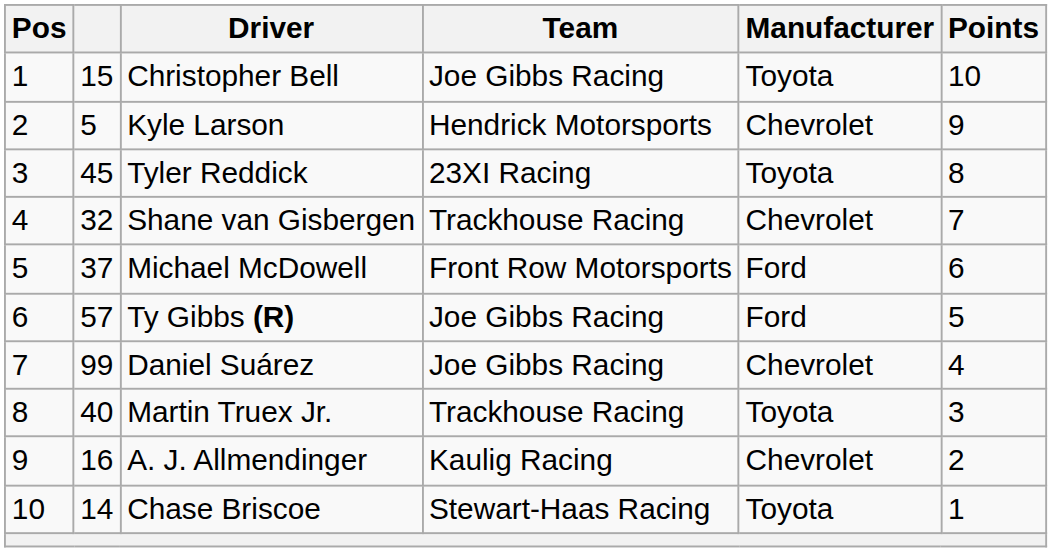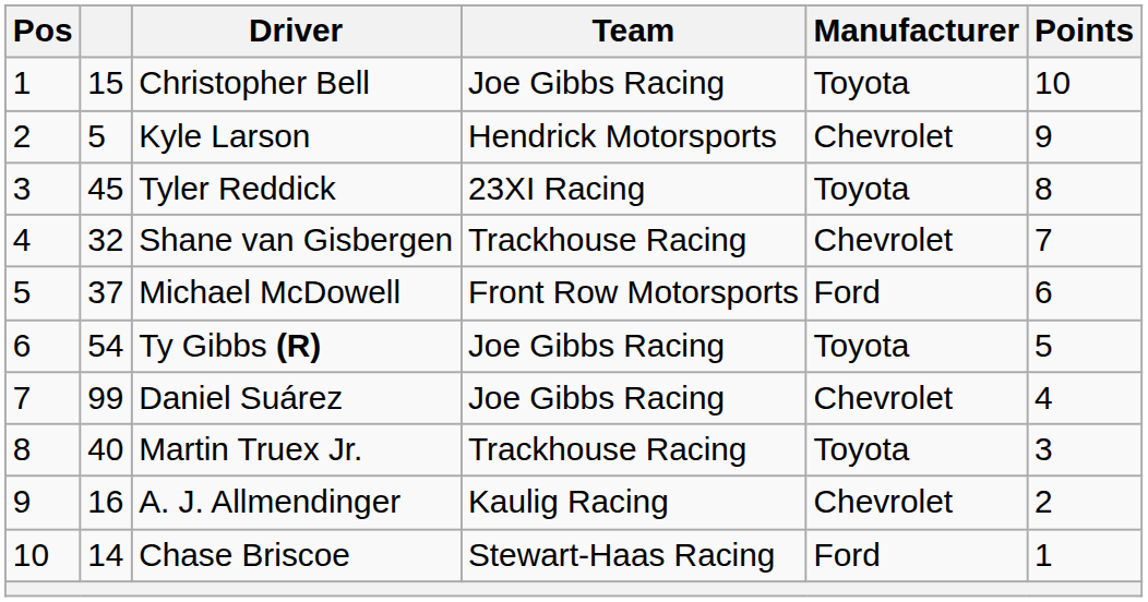 <table class="wikitable" style="font-size:98%">
 <tr>
 <th>Pos</th>
 <th></th>
 <th>Driver</th>
 <th>Team</th>
 <th>Manufacturer</th>
 <th>Points</th>
 </tr>
 <tr>
 <td>1</td>
 <td>15</td>
 <td>Christopher Bell</td>
 <td>Joe Gibbs Racing</td>
 <td>Toyota</td>
 <td>10</td>
 </tr>
 <tr>
 <td>2</td>
 <td>5</td>
 <td>Kyle Larson</td>
 <td>Hendrick Motorsports</td>
 <td>Chevrolet</td>
 <td>9</td>
 </tr>
 <tr>
 <td>3</td>
 <td>45</td>
 <td>Tyler Reddick</td>
 <td>23XI Racing</td>
 <td>Toyota</td>
 <td>8</td>
 </tr>
 <tr>
 <td>4</td>
 <td>32</td>
 <td>Shane van Gisbergen</td>
 <td>Trackhouse Racing</td>
 <td>Chevrolet</td>
 <td>7</td>
 </tr>
 <tr>
 <td>5</td>
 <td>37</td>
 <td>Michael McDowell</td>
 <td>Front Row Motorsports</td>
 <td>Ford</td>
 <td>6</td>
 </tr>
 <tr>
 <td>6</td>
-<td>57</td>
+<td>54</td>
 <td>Ty Gibbs <strong>(R)</strong></td>
 <td>Joe Gibbs Racing</td>
-<td>Ford</td>
+<td>Toyota</td>
 <td>5</td>
 </tr>
 <tr>
 <td>7</td>
 <td>99</td>
 <td>Daniel Suárez</td>
 <td>Joe Gibbs Racing</td>
 <td>Chevrolet</td>
 <td>4</td>
 </tr>
 <tr>
 <td>8</td>
 <td>40</td>
 <td>Martin Truex Jr.</td>
 <td>Trackhouse Racing</td>
 <td>Toyota</td>
 <td>3</td>
 </tr>
 <tr>
 <td>9</td>
 <td>16</td>
 <td>A. J. Allmendinger</td>
 <td>Kaulig Racing</td>
 <td>Chevrolet</td>
 <td>2</td>
 </tr>
 <tr>
 <td>10</td>
 <td>14</td>
 <td>Chase Briscoe</td>
 <td>Stewart-Haas Racing</td>
-<td>Toyota</td>
+<td>Ford</td>
 <td>1</td>
 </tr>
 <tr>
 <th colspan="6"></th>
 </tr>
 </table>
